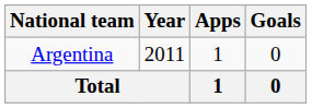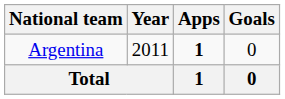 <table class="wikitable" style="text-align:center">
 <tr>
 <th>National team</th>
 <th>Year</th>
 <th>Apps</th>
 <th>Goals</th>
 </tr>
 <tr>
 <td rowspan="1"><a href='#'>Argentina</a></td>
 <td>2011</td>
-<td>1</td>
+<td><strong>1</strong></td>
 <td>0</td>
 </tr>
 <tr>
 <th colspan="2">Total</th>
 <th>1</th>
 <th>0</th>
 </tr>
 </table>
